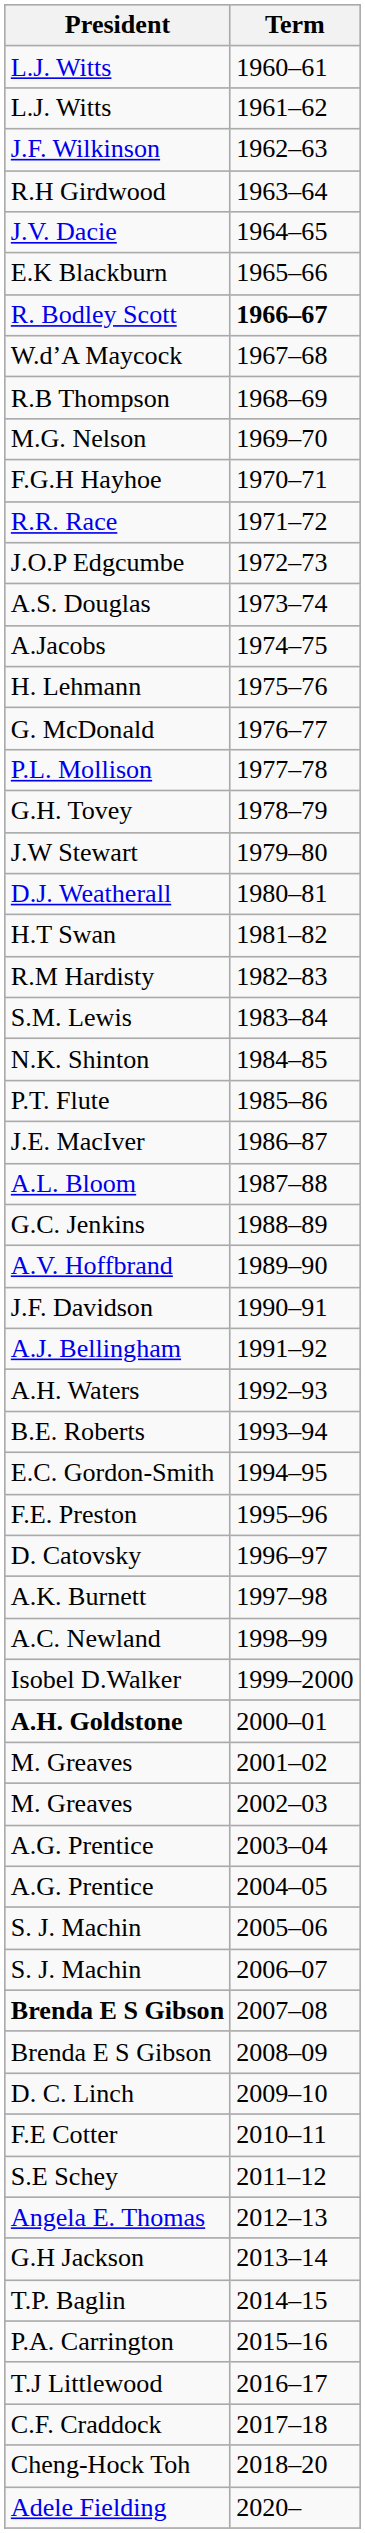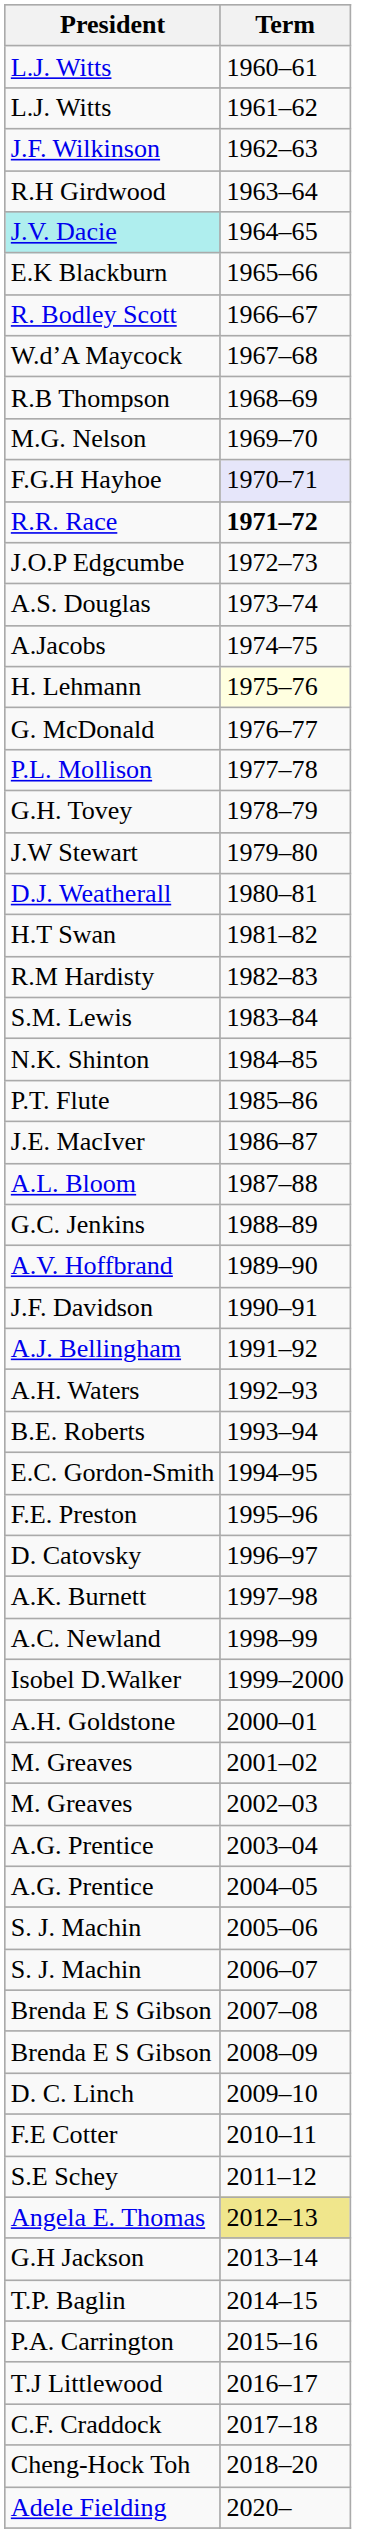 <table class="wikitable">
 <tr>
 <th>President</th>
 <th>Term</th>
 </tr>
 <tr>
 <td><a href='#'>L.J. Witts</a></td>
 <td>1960–61</td>
 </tr>
 <tr>
 <td>L.J. Witts</td>
 <td>1961–62</td>
 </tr>
 <tr>
 <td><a href='#'>J.F. Wilkinson</a></td>
 <td>1962–63</td>
 </tr>
 <tr>
 <td>R.H Girdwood</td>
 <td>1963–64</td>
 </tr>
 <tr>
-<td><a href='#'>J.V. Dacie</a></td>
+<td style="background: paleturquoise;"><a href='#'>J.V. Dacie</a></td>
 <td>1964–65</td>
 </tr>
 <tr>
 <td>E.K Blackburn</td>
 <td>1965–66</td>
 </tr>
 <tr>
 <td><a href='#'>R. Bodley Scott</a></td>
-<td><strong>1966–67</strong></td>
+<td>1966–67</td>
 </tr>
 <tr>
 <td>W.d’A Maycock</td>
 <td>1967–68</td>
 </tr>
 <tr>
 <td>R.B Thompson</td>
 <td>1968–69</td>
 </tr>
 <tr>
 <td>M.G. Nelson</td>
 <td>1969–70</td>
 </tr>
 <tr>
 <td>F.G.H Hayhoe</td>
-<td>1970–71</td>
+<td style="background: lavender;">1970–71</td>
 </tr>
 <tr>
 <td><a href='#'>R.R. Race</a></td>
-<td>1971–72</td>
+<td><strong>1971–72</strong></td>
 </tr>
 <tr>
 <td>J.O.P Edgcumbe</td>
 <td>1972–73</td>
 </tr>
 <tr>
 <td>A.S. Douglas</td>
 <td>1973–74</td>
 </tr>
 <tr>
 <td>A.Jacobs</td>
 <td>1974–75</td>
 </tr>
 <tr>
 <td>H. Lehmann</td>
-<td>1975–76</td>
+<td style="background: lightyellow;">1975–76</td>
 </tr>
 <tr>
 <td>G. McDonald</td>
 <td>1976–77</td>
 </tr>
 <tr>
 <td><a href='#'>P.L. Mollison</a></td>
 <td>1977–78</td>
 </tr>
 <tr>
 <td>G.H. Tovey</td>
 <td>1978–79</td>
 </tr>
 <tr>
 <td>J.W Stewart</td>
 <td>1979–80</td>
 </tr>
 <tr>
 <td><a href='#'>D.J. Weatherall</a></td>
 <td>1980–81</td>
 </tr>
 <tr>
 <td>H.T Swan</td>
 <td>1981–82</td>
 </tr>
 <tr>
 <td>R.M Hardisty</td>
 <td>1982–83</td>
 </tr>
 <tr>
 <td>S.M. Lewis</td>
 <td>1983–84</td>
 </tr>
 <tr>
 <td>N.K. Shinton</td>
 <td>1984–85</td>
 </tr>
 <tr>
 <td>P.T. Flute</td>
 <td>1985–86</td>
 </tr>
 <tr>
 <td>J.E. MacIver</td>
 <td>1986–87</td>
 </tr>
 <tr>
 <td><a href='#'>A.L. Bloom</a></td>
 <td>1987–88</td>
 </tr>
 <tr>
 <td>G.C. Jenkins</td>
 <td>1988–89</td>
 </tr>
 <tr>
 <td><a href='#'>A.V. Hoffbrand</a></td>
 <td>1989–90</td>
 </tr>
 <tr>
 <td>J.F. Davidson</td>
 <td>1990–91</td>
 </tr>
 <tr>
 <td><a href='#'>A.J. Bellingham</a></td>
 <td>1991–92</td>
 </tr>
 <tr>
 <td>A.H. Waters</td>
 <td>1992–93</td>
 </tr>
 <tr>
 <td>B.E. Roberts</td>
 <td>1993–94</td>
 </tr>
 <tr>
 <td>E.C. Gordon-Smith</td>
 <td>1994–95</td>
 </tr>
 <tr>
 <td>F.E. Preston</td>
 <td>1995–96</td>
 </tr>
 <tr>
 <td>D. Catovsky</td>
 <td>1996–97</td>
 </tr>
 <tr>
 <td>A.K. Burnett</td>
 <td>1997–98</td>
 </tr>
 <tr>
 <td>A.C. Newland</td>
 <td>1998–99</td>
 </tr>
 <tr>
 <td>Isobel D.Walker</td>
 <td>1999–2000</td>
 </tr>
 <tr>
-<td><strong>A.H. Goldstone</strong></td>
+<td>A.H. Goldstone</td>
 <td>2000–01</td>
 </tr>
 <tr>
 <td>M. Greaves</td>
 <td>2001–02</td>
 </tr>
 <tr>
 <td>M. Greaves</td>
 <td>2002–03</td>
 </tr>
 <tr>
 <td>A.G. Prentice</td>
 <td>2003–04</td>
 </tr>
 <tr>
 <td>A.G. Prentice</td>
 <td>2004–05</td>
 </tr>
 <tr>
 <td>S. J. Machin</td>
 <td>2005–06</td>
 </tr>
 <tr>
 <td>S. J. Machin</td>
 <td>2006–07</td>
 </tr>
 <tr>
-<td><strong>Brenda E S Gibson</strong></td>
+<td>Brenda E S Gibson</td>
 <td>2007–08</td>
 </tr>
 <tr>
 <td>Brenda E S Gibson</td>
 <td>2008–09</td>
 </tr>
 <tr>
 <td>D. C. Linch</td>
 <td>2009–10</td>
 </tr>
 <tr>
 <td>F.E Cotter</td>
 <td>2010–11</td>
 </tr>
 <tr>
 <td>S.E Schey</td>
 <td>2011–12</td>
 </tr>
 <tr>
 <td><a href='#'>Angela E. Thomas</a></td>
-<td>2012–13</td>
+<td style="background: khaki;">2012–13</td>
 </tr>
 <tr>
 <td>G.H Jackson</td>
 <td>2013–14</td>
 </tr>
 <tr>
 <td>T.P. Baglin</td>
 <td>2014–15</td>
 </tr>
 <tr>
 <td>P.A. Carrington</td>
 <td>2015–16</td>
 </tr>
 <tr>
 <td>T.J Littlewood</td>
 <td>2016–17</td>
 </tr>
 <tr>
 <td>C.F. Craddock</td>
 <td>2017–18</td>
 </tr>
 <tr>
 <td>Cheng-Hock Toh</td>
 <td>2018–20</td>
 </tr>
 <tr>
 <td><a href='#'>Adele Fielding</a></td>
 <td>2020–</td>
 </tr>
 </table>
